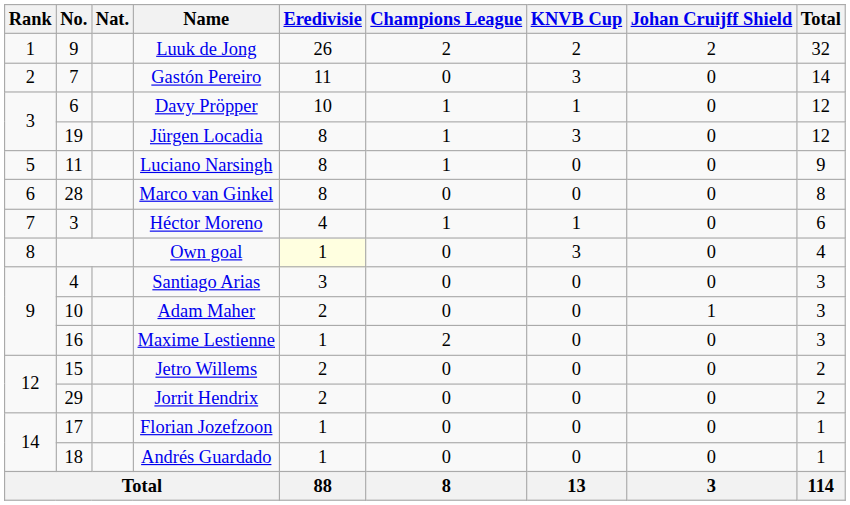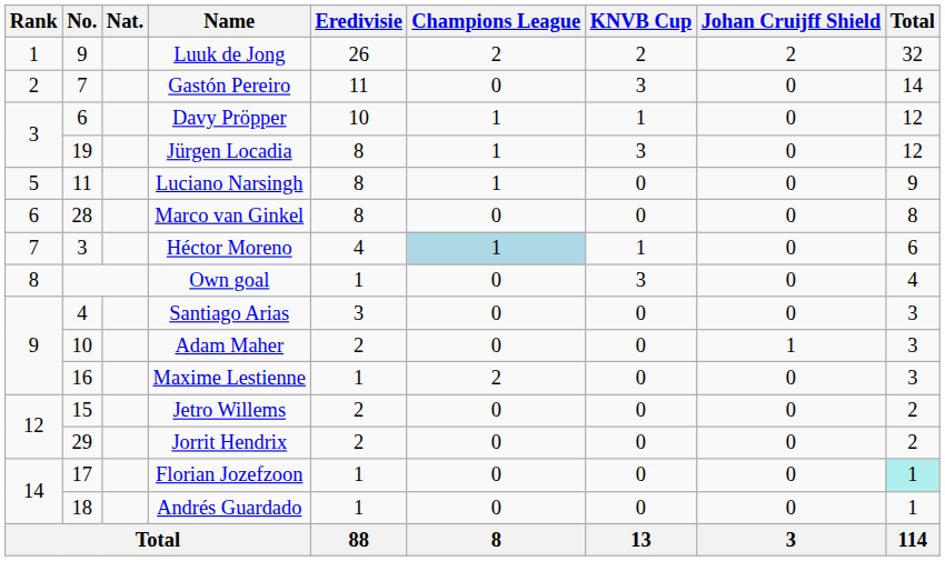 <table class="wikitable sortable" style="text-align: center;">
 <tr>
 <th>Rank</th>
 <th>No.</th>
 <th>Nat.</th>
 <th>Name</th>
 <th><a href='#'>Eredivisie</a></th>
 <th><a href='#'>Champions League</a></th>
 <th><a href='#'>KNVB Cup</a></th>
 <th><a href='#'>Johan Cruijff Shield</a></th>
 <th>Total</th>
 </tr>
 <tr>
 <td>1</td>
 <td>9</td>
 <td></td>
 <td><a href='#'>Luuk de Jong</a></td>
 <td>26</td>
 <td>2</td>
 <td>2</td>
 <td>2</td>
 <td>32</td>
 </tr>
 <tr>
 <td>2</td>
 <td>7</td>
 <td></td>
 <td><a href='#'>Gastón Pereiro</a></td>
 <td>11</td>
 <td>0</td>
 <td>3</td>
 <td>0</td>
 <td>14</td>
 </tr>
 <tr>
 <td rowspan="2">3</td>
 <td>6</td>
 <td></td>
 <td><a href='#'>Davy Pröpper</a></td>
 <td>10</td>
 <td>1</td>
 <td>1</td>
 <td>0</td>
 <td>12</td>
 </tr>
 <tr>
 <td>19</td>
 <td></td>
 <td><a href='#'>Jürgen Locadia</a></td>
 <td>8</td>
 <td>1</td>
 <td>3</td>
 <td>0</td>
 <td>12</td>
 </tr>
 <tr>
 <td>5</td>
 <td>11</td>
 <td></td>
 <td><a href='#'>Luciano Narsingh</a></td>
 <td>8</td>
 <td>1</td>
 <td>0</td>
 <td>0</td>
 <td>9</td>
 </tr>
 <tr>
 <td>6</td>
 <td>28</td>
 <td></td>
 <td><a href='#'>Marco van Ginkel</a></td>
 <td>8</td>
 <td>0</td>
 <td>0</td>
 <td>0</td>
 <td>8</td>
 </tr>
 <tr>
 <td>7</td>
 <td>3</td>
 <td></td>
 <td><a href='#'>Héctor Moreno</a></td>
 <td>4</td>
-<td>1</td>
+<td style="background: lightblue;">1</td>
 <td>1</td>
 <td>0</td>
 <td>6</td>
 </tr>
 <tr>
 <td>8</td>
 <td colspan="2"></td>
 <td><a href='#'>Own goal</a></td>
-<td style="background: lightyellow;">1</td>
+<td>1</td>
 <td>0</td>
 <td>3</td>
 <td>0</td>
 <td>4</td>
 </tr>
 <tr>
 <td rowspan="3">9</td>
 <td>4</td>
 <td></td>
 <td><a href='#'>Santiago Arias</a></td>
 <td>3</td>
 <td>0</td>
 <td>0</td>
 <td>0</td>
 <td>3</td>
 </tr>
 <tr>
 <td>10</td>
 <td></td>
 <td><a href='#'>Adam Maher</a></td>
 <td>2</td>
 <td>0</td>
 <td>0</td>
 <td>1</td>
 <td>3</td>
 </tr>
 <tr>
 <td>16</td>
 <td></td>
 <td><a href='#'>Maxime Lestienne</a></td>
 <td>1</td>
 <td>2</td>
 <td>0</td>
 <td>0</td>
 <td>3</td>
 </tr>
 <tr>
 <td rowspan="2">12</td>
 <td>15</td>
 <td></td>
 <td><a href='#'>Jetro Willems</a></td>
 <td>2</td>
 <td>0</td>
 <td>0</td>
 <td>0</td>
 <td>2</td>
 </tr>
 <tr>
 <td>29</td>
 <td></td>
 <td><a href='#'>Jorrit Hendrix</a></td>
 <td>2</td>
 <td>0</td>
 <td>0</td>
 <td>0</td>
 <td>2</td>
 </tr>
 <tr>
 <td rowspan="2">14</td>
 <td>17</td>
 <td></td>
 <td><a href='#'>Florian Jozefzoon</a></td>
 <td>1</td>
 <td>0</td>
 <td>0</td>
 <td>0</td>
-<td>1</td>
+<td style="background: paleturquoise;">1</td>
 </tr>
 <tr>
 <td>18</td>
 <td></td>
 <td><a href='#'>Andrés Guardado</a></td>
 <td>1</td>
 <td>0</td>
 <td>0</td>
 <td>0</td>
 <td>1</td>
 </tr>
 <tr>
 <th colspan=4>Total</th>
 <th>88</th>
 <th>8</th>
 <th>13</th>
 <th>3</th>
 <th>114</th>
 </tr>
 </table>
